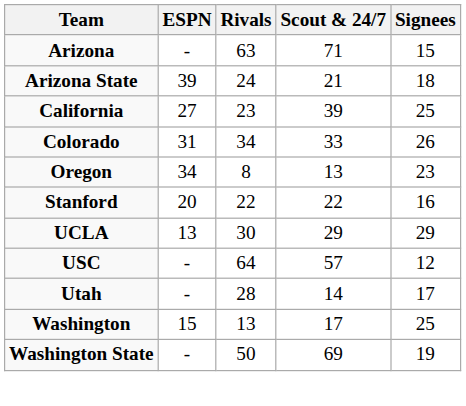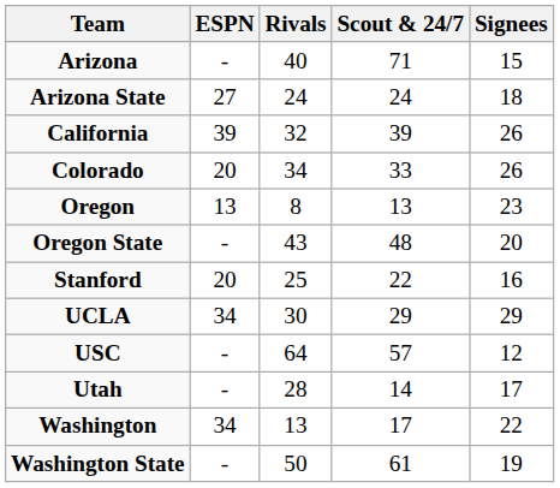 <table class="wikitable">
 <tr>
 <th>Team</th>
 <th>ESPN</th>
 <th>Rivals</th>
 <th>Scout & 24/7</th>
 <th>Signees</th>
 </tr>
 <tr style="text-align:center;">
 <td><strong>Arizona</strong></td>
 <td style="text-align:center; background:white">-</td>
-<td style="text-align:center; background:white">63</td>
+<td style="text-align:center; background:white">40</td>
 <td style="text-align:center; background:white">71</td>
 <td style="text-align:center; background:white">15</td>
 </tr>
 <tr style="text-align:center;">
 <td><strong>Arizona State</strong></td>
-<td style="text-align:center; background:white">39</td>
+<td style="text-align:center; background:white">27</td>
 <td style="text-align:center; background:white">24</td>
-<td style="text-align:center; background:white">21</td>
+<td style="text-align:center; background:white">24</td>
 <td style="text-align:center; background:white">18</td>
 </tr>
 <tr style="text-align:center;">
 <td><strong>California</strong></td>
-<td style="text-align:center; background:white">27</td>
-<td style="text-align:center; background:white">23</td>
 <td style="text-align:center; background:white">39</td>
-<td style="text-align:center; background:white">25</td>
+<td style="text-align:center; background:white">32</td>
+<td style="text-align:center; background:white">39</td>
+<td style="text-align:center; background:white">26</td>
 </tr>
 <tr style="text-align:center;">
 <td><strong>Colorado</strong></td>
-<td style="text-align:center; background:white">31</td>
+<td style="text-align:center; background:white">20</td>
 <td style="text-align:center; background:white">34</td>
 <td style="text-align:center; background:white">33</td>
 <td style="text-align:center; background:white">26</td>
 </tr>
 <tr style="text-align:center;">
 <td><strong>Oregon</strong></td>
-<td style="text-align:center; background:white">34</td>
+<td style="text-align:center; background:white">13</td>
 <td style="text-align:center; background:white">8</td>
 <td style="text-align:center; background:white">13</td>
 <td style="text-align:center; background:white">23</td>
 </tr>
 <tr style="text-align:center;">
+<td><strong>Oregon State</strong></td>
+<td style="text-align:center; background:white">-</td>
+<td style="text-align:center; background:white">43</td>
+<td style="text-align:center; background:white">48</td>
+<td style="text-align:center; background:white">20</td>
+</tr>
+<tr style="text-align:center;">
 <td><strong>Stanford</strong></td>
 <td style="text-align:center; background:white">20</td>
-<td style="text-align:center; background:white">22</td>
+<td style="text-align:center; background:white">25</td>
 <td style="text-align:center; background:white">22</td>
 <td style="text-align:center; background:white">16</td>
 </tr>
 <tr style="text-align:center;">
 <td><strong>UCLA</strong></td>
-<td style="text-align:center; background:white">13</td>
+<td style="text-align:center; background:white">34</td>
 <td style="text-align:center; background:white">30</td>
 <td style="text-align:center; background:white">29</td>
 <td style="text-align:center; background:white">29</td>
 </tr>
 <tr style="text-align:center;">
 <td><strong>USC</strong></td>
 <td style="text-align:center; background:white">-</td>
 <td style="text-align:center; background:white">64</td>
 <td style="text-align:center; background:white">57</td>
 <td style="text-align:center; background:white">12</td>
 </tr>
 <tr style="text-align:center;">
 <td><strong>Utah</strong></td>
 <td style="text-align:center; background:white">-</td>
 <td style="text-align:center; background:white">28</td>
 <td style="text-align:center; background:white">14</td>
 <td style="text-align:center; background:white">17</td>
 </tr>
 <tr style="text-align:center;">
 <td><strong>Washington</strong></td>
-<td style="text-align:center; background:white">15</td>
+<td style="text-align:center; background:white">34</td>
 <td style="text-align:center; background:white">13</td>
 <td style="text-align:center; background:white">17</td>
-<td style="text-align:center; background:white">25</td>
+<td style="text-align:center; background:white">22</td>
 </tr>
 <tr style="text-align:center;">
 <td><strong>Washington State</strong></td>
 <td style="text-align:center; background:white">-</td>
 <td style="text-align:center; background:white">50</td>
-<td style="text-align:center; background:white">69</td>
+<td style="text-align:center; background:white">61</td>
 <td style="text-align:center; background:white">19</td>
 </tr>
 </table>
